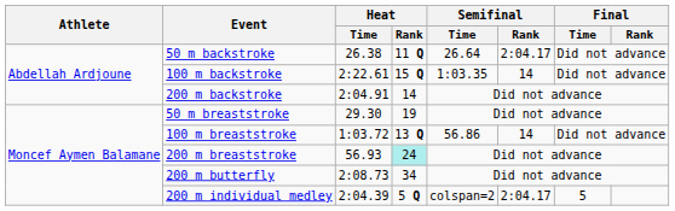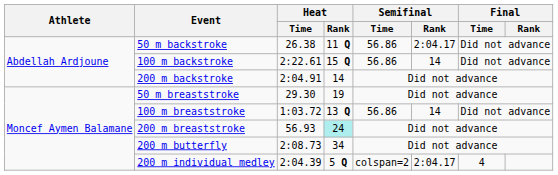 <table class=wikitable style="font-size:90%">
 <tr>
 <th rowspan="2">Athlete</th>
 <th rowspan="2">Event</th>
 <th colspan="2">Heat</th>
 <th colspan="2">Semifinal</th>
 <th colspan="2">Final</th>
 </tr>
 <tr style="font-size:95%">
 <th>Time</th>
 <th>Rank</th>
 <th>Time</th>
 <th>Rank</th>
 <th>Time</th>
 <th>Rank</th>
 </tr>
 <tr align=center>
 <td align=left rowspan=3><a href='#'>Abdellah Ardjoune</a></td>
 <td align=left><a href='#'>50 m backstroke</a></td>
 <td>26.38</td>
 <td>11 <strong>Q</strong></td>
-<td>26.64</td>
+<td>56.86</td>
 <td>2:04.17</td>
 <td colspan=2>Did not advance</td>
 </tr>
 <tr align=center>
 <td align=left><a href='#'>100 m backstroke</a></td>
 <td>2:22.61</td>
 <td>15 <strong>Q</strong></td>
-<td>1:03.35</td>
+<td>56.86</td>
 <td>14</td>
 <td colspan=2>Did not advance</td>
 </tr>
 <tr align=center>
 <td align=left><a href='#'>200 m backstroke</a></td>
 <td>2:04.91</td>
 <td>14</td>
 <td colspan=4>Did not advance</td>
 </tr>
 <tr align=center>
 <td align=left rowspan=5><a href='#'>Moncef Aymen Balamane</a></td>
 <td align=left><a href='#'>50 m breaststroke</a></td>
 <td>29.30</td>
 <td>19</td>
 <td colspan=4>Did not advance</td>
 </tr>
 <tr align=center>
 <td align=left><a href='#'>100 m breaststroke</a></td>
 <td>1:03.72</td>
 <td>13 <strong>Q</strong></td>
 <td>56.86</td>
 <td>14</td>
 <td colspan=2>Did not advance</td>
 </tr>
 <tr align=center>
 <td align=left><a href='#'>200 m breaststroke</a></td>
 <td>56.93</td>
 <td style="background: paleturquoise;">24</td>
 <td colspan=4>Did not advance</td>
 </tr>
 <tr align=center>
 <td align=left><a href='#'>200 m butterfly</a></td>
 <td>2:08.73</td>
 <td>34</td>
 <td colspan=4>Did not advance</td>
 </tr>
 <tr align=center>
 <td align=left><a href='#'>200 m individual medley</a></td>
 <td>2:04.39</td>
 <td>5 <strong>Q</strong></td>
 <td>colspan=2 </td>
 <td>2:04.17</td>
-<td>5</td>
+<td>4</td>
 </tr>
 </table>
